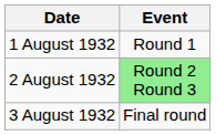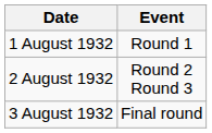 <table class = "wikitable" style="text-align:center;">
 <tr>
 <th>Date</th>
 <th>Event</th>
 </tr>
 <tr>
 <td>1 August 1932</td>
 <td>Round 1</td>
 </tr>
 <tr>
 <td>2 August 1932</td>
-<td style="background: lightgreen;">Round 2<br>Round 3</td>
+<td>Round 2<br>Round 3</td>
 </tr>
 <tr>
 <td>3 August 1932</td>
 <td>Final round</td>
 </tr>
 </table>
